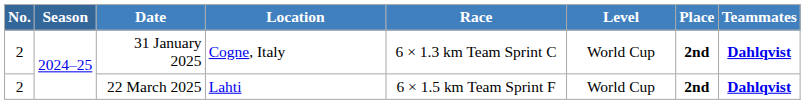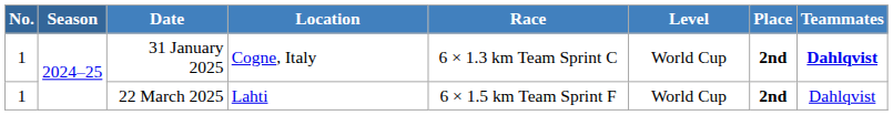 <table class="wikitable sortable" style="font-size:95%; text-align:center; border:grey solid 1px; border-collapse:collapse; background:#ffffff;">
 <tr style="background:#efefef;">
 <th style="background-color:#369; color:white;">No.</th>
 <th style="background-color:#369; color:white;">Season</th>
 <th style="background-color:#4180be; color:white; width:100px;">Date</th>
 <th style="background-color:#4180be; color:white; width:170px;">Location</th>
 <th style="background-color:#4180be; color:white; width:170px;">Race</th>
 <th style="background-color:#4180be; color:white; width:100px;">Level</th>
 <th style="background-color:#4180be; color:white;">Place</th>
 <th style="background-color:#4180be; color:white;">Teammates</th>
 </tr>
 <tr>
-<td align=center>2</td>
+<td align=center>1</td>
 <td rowspan=2 align=center><a href='#'>2024–25</a></td>
 <td align=right>31 January 2025</td>
 <td align=left> <a href='#'>Cogne</a>, Italy</td>
 <td>6 × 1.3 km Team Sprint C</td>
 <td>World Cup</td>
 <td><strong>2nd</strong></td>
 <td><strong><a href='#'>Dahlqvist</a></strong></td>
 </tr>
 <tr>
-<td align=center>2</td>
+<td align=center>1</td>
 <td align=right>22 March 2025</td>
 <td align=left> <a href='#'>Lahti</a></td>
 <td>6 × 1.5 km Team Sprint F</td>
 <td>World Cup</td>
 <td><strong>2nd</strong></td>
-<td><strong><a href='#'>Dahlqvist</a></strong></td>
+<td><a href='#'>Dahlqvist</a></td>
 </tr>
 </table>
